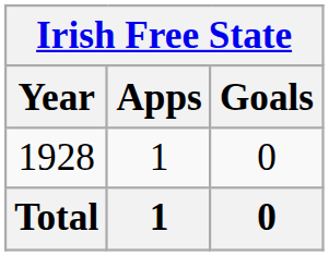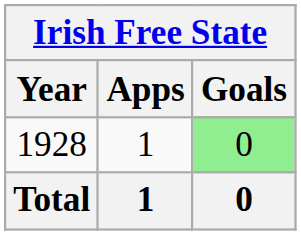 <table class="wikitable" style="text-align:center">
 <tr>
 <th colspan=3><a href='#'>Irish Free State</a></th>
 </tr>
 <tr>
 <th>Year</th>
 <th>Apps</th>
 <th>Goals</th>
 </tr>
 <tr>
 <td>1928</td>
 <td>1</td>
-<td>0</td>
+<td style="background: lightgreen;">0</td>
 </tr>
 <tr>
 <th>Total</th>
 <th>1</th>
 <th>0</th>
 </tr>
 </table>
